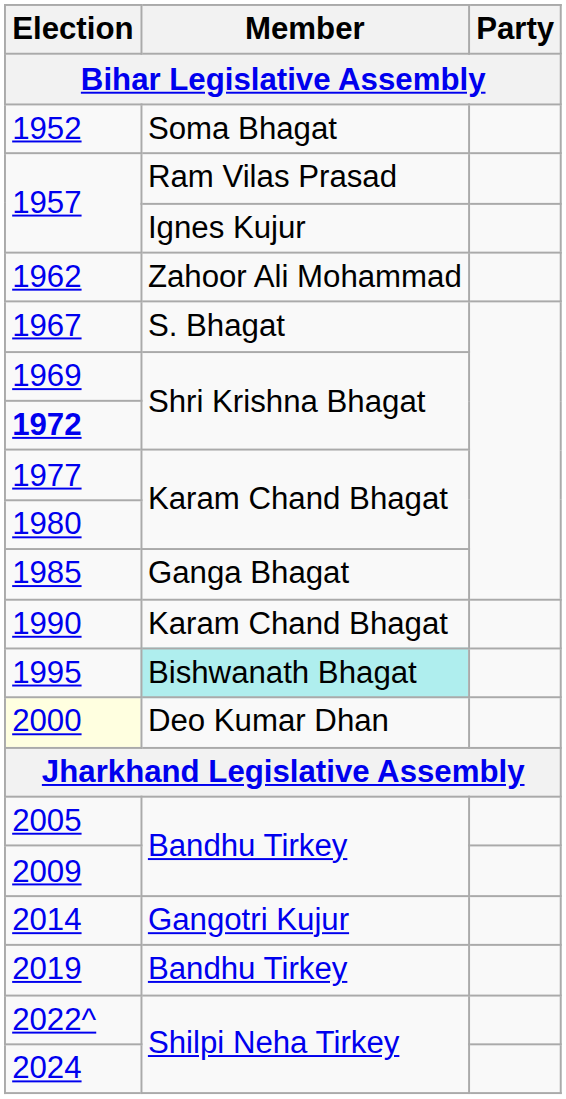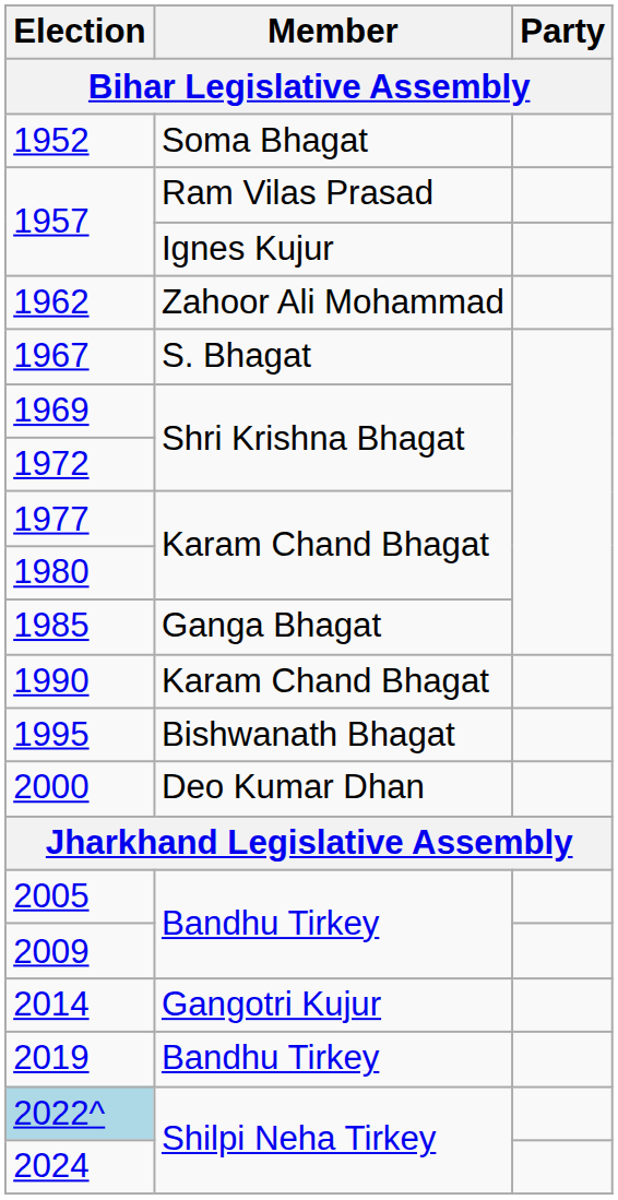 <table class="wikitable sortable">
 <tr>
 <th>Election</th>
 <th>Member</th>
 <th colspan=2>Party</th>
 </tr>
 <tr>
 <th colspan=4><a href='#'>Bihar Legislative Assembly</a></th>
 </tr>
 <tr>
 <td><a href='#'>1952</a></td>
 <td>Soma Bhagat</td>
 <td></td>
 </tr>
 <tr>
 <td rowspan="2"><a href='#'>1957</a></td>
 <td>Ram Vilas Prasad</td>
 <td></td>
 </tr>
 <tr>
 <td>Ignes Kujur</td>
 </tr>
 <tr>
 <td><a href='#'>1962</a></td>
 <td>Zahoor Ali Mohammad</td>
 <td></td>
 </tr>
 <tr>
 <td><a href='#'>1967</a></td>
 <td>S. Bhagat</td>
 </tr>
 <tr>
 <td><a href='#'>1969</a></td>
 <td rowspan="2">Shri Krishna Bhagat</td>
 </tr>
 <tr>
-<td><strong><a href='#'>1972</a></strong></td>
+<td><a href='#'>1972</a></td>
 </tr>
 <tr>
 <td><a href='#'>1977</a></td>
 <td rowspan="2">Karam Chand Bhagat</td>
 </tr>
 <tr>
 <td><a href='#'>1980</a></td>
 </tr>
 <tr>
 <td><a href='#'>1985</a></td>
 <td>Ganga Bhagat</td>
 </tr>
 <tr>
 <td><a href='#'>1990</a></td>
 <td>Karam Chand Bhagat</td>
 <td></td>
 </tr>
 <tr>
 <td><a href='#'>1995</a></td>
-<td style="background: paleturquoise;">Bishwanath Bhagat</td>
+<td>Bishwanath Bhagat</td>
 <td></td>
 </tr>
 <tr>
-<td style="background: lightyellow;"><a href='#'>2000</a></td>
+<td><a href='#'>2000</a></td>
 <td>Deo Kumar Dhan</td>
 <td></td>
 </tr>
 <tr>
 <th colspan=4><a href='#'>Jharkhand Legislative Assembly</a></th>
 </tr>
 <tr>
 <td><a href='#'>2005</a></td>
 <td rowspan=2><a href='#'>Bandhu Tirkey</a></td>
 <td></td>
 </tr>
 <tr>
 <td><a href='#'>2009</a></td>
 <td></td>
 </tr>
 <tr>
 <td><a href='#'>2014</a></td>
 <td><a href='#'>Gangotri Kujur</a></td>
 <td></td>
 </tr>
 <tr>
 <td><a href='#'>2019</a></td>
 <td><a href='#'>Bandhu Tirkey</a></td>
 <td></td>
 </tr>
 <tr>
-<td><a href='#'>2022^</a></td>
+<td style="background: lightblue;"><a href='#'>2022^</a></td>
 <td rowspan=2><a href='#'>Shilpi Neha Tirkey</a></td>
 <td></td>
 </tr>
 <tr>
 <td><a href='#'>2024</a></td>
 </tr>
 </table>
